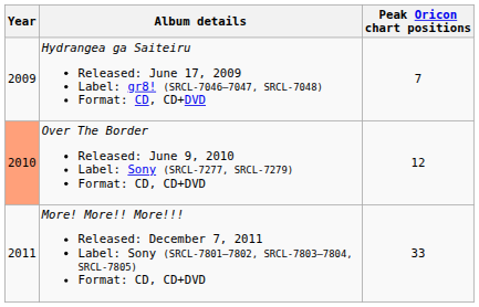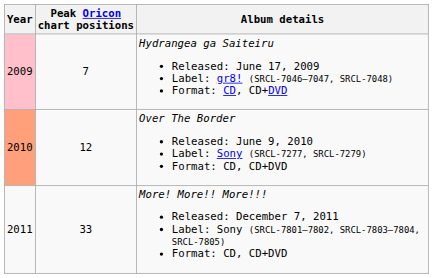 <table class="wikitable" border="1">
 <tr>
 <th rowspan="1">Year</th>
+<th colspan="1">Peak <a href='#'>Oricon</a><br> chart positions</th>
 <th rowspan="1" width="350">Album details</th>
-<th colspan="1">Peak <a href='#'>Oricon</a><br> chart positions</th>
 </tr>
 <tr>
-<td>2009</td>
+<td style="background: pink;">2009</td>
+<td align="center">7</td>
 <td align="left"><em>Hydrangea ga Saiteiru</em><br><ul><li>Released: June 17, 2009</li><li>Label: <a href='#'>gr8!</a> <small>(SRCL-7046–7047, SRCL-7048)</small></li><li>Format: <a href='#'>CD</a>, CD+<a href='#'>DVD</a></li></ul></td>
-<td align="center">7</td>
 </tr>
 <tr>
 <td style="background: lightsalmon;">2010</td>
+<td align="center">12</td>
 <td align="left"><em>Over The Border</em><br><ul><li>Released: June 9, 2010</li><li>Label: <a href='#'>Sony</a> <small>(SRCL-7277, SRCL-7279)</small></li><li>Format: CD, CD+DVD</li></ul></td>
-<td align="center">12</td>
 </tr>
 <tr>
 <td>2011</td>
+<td align="center">33</td>
 <td align="left"><em>More! More!! More!!!</em><br><ul><li>Released: December 7, 2011</li><li>Label: Sony <small>(SRCL-7801–7802, SRCL-7803–7804, SRCL-7805)</small></li><li>Format: CD, CD+DVD</li></ul></td>
-<td align="center">33</td>
 </tr>
 </table>
